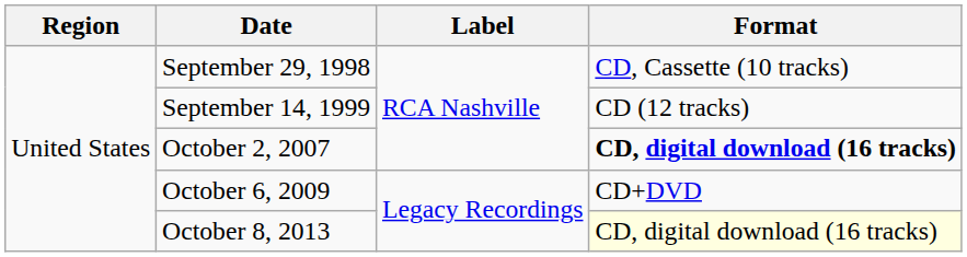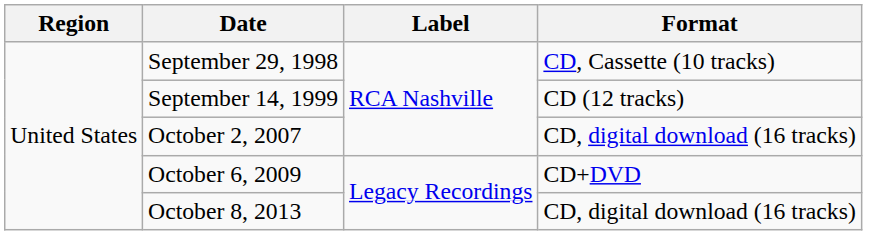 <table class="wikitable">
 <tr>
 <th>Region</th>
 <th>Date</th>
 <th>Label</th>
 <th>Format</th>
 </tr>
 <tr>
 <td rowspan="5">United States</td>
 <td>September 29, 1998</td>
 <td rowspan="3"><a href='#'>RCA Nashville</a></td>
 <td><a href='#'>CD</a>, Cassette (10 tracks)</td>
 </tr>
 <tr>
 <td>September 14, 1999</td>
 <td>CD (12 tracks)</td>
 </tr>
 <tr>
 <td>October 2, 2007</td>
-<td><strong>CD, <a href='#'>digital download</a> (16 tracks)</strong></td>
+<td>CD, <a href='#'>digital download</a> (16 tracks)</td>
 </tr>
 <tr>
 <td>October 6, 2009</td>
 <td rowspan="2"><a href='#'>Legacy Recordings</a></td>
 <td>CD+<a href='#'>DVD</a></td>
 </tr>
 <tr>
 <td>October 8, 2013</td>
-<td style="background: lightyellow;">CD, digital download (16 tracks)</td>
+<td>CD, digital download (16 tracks)</td>
 </tr>
 </table>
